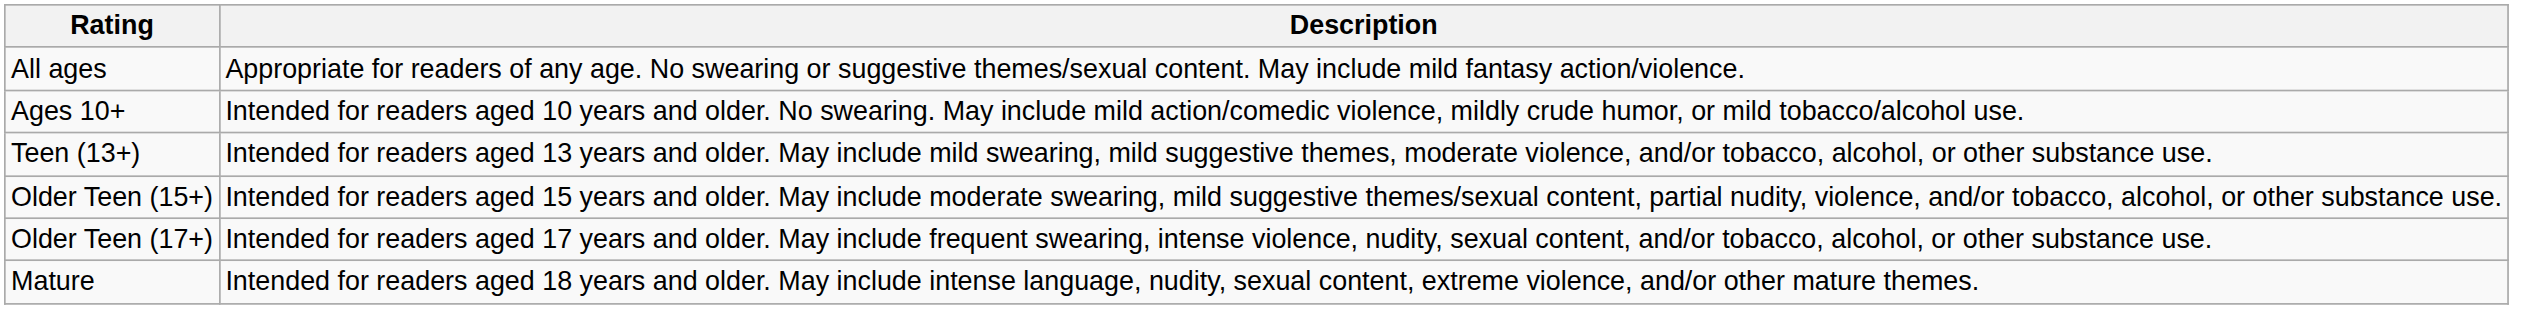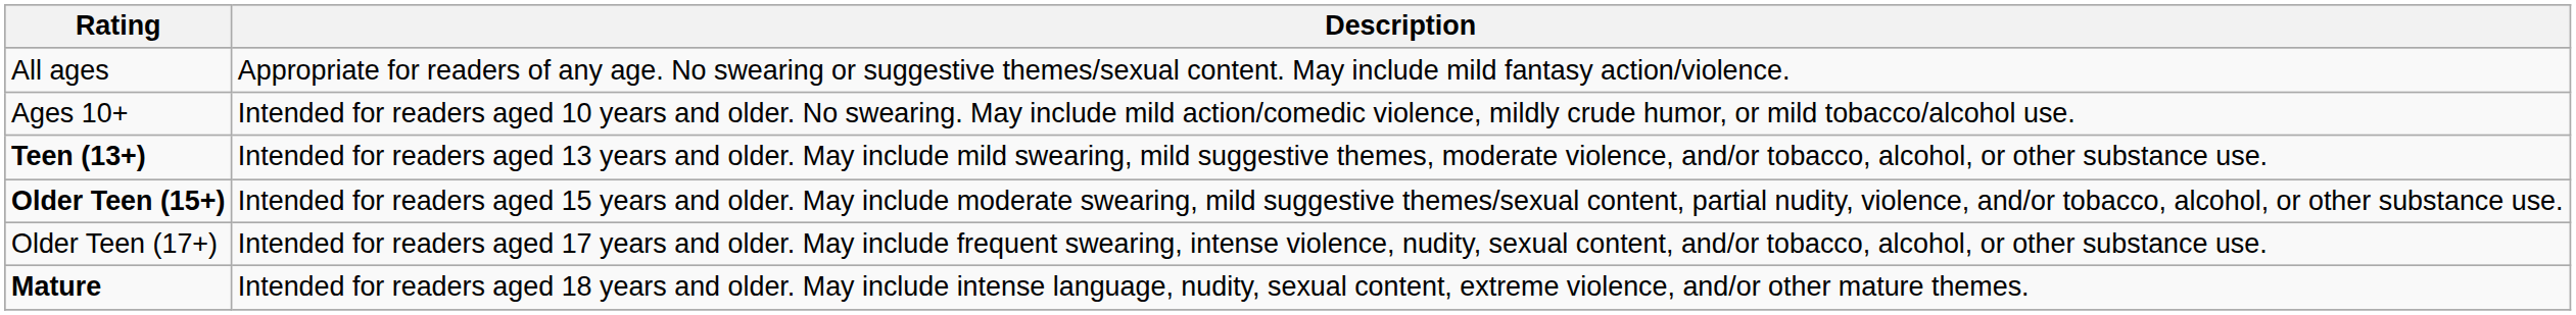 <table class="wikitable">
 <tr>
 <th>Rating</th>
 <th>Description</th>
 </tr>
 <tr>
 <td>All ages</td>
 <td>Appropriate for readers of any age. No swearing or suggestive themes/sexual content. May include mild fantasy action/violence.</td>
 </tr>
 <tr>
 <td>Ages 10+</td>
 <td>Intended for readers aged 10 years and older. No swearing. May include mild action/comedic violence, mildly crude humor, or mild tobacco/alcohol use.</td>
 </tr>
 <tr>
-<td>Teen (13+)</td>
+<td><strong>Teen (13+)</strong></td>
 <td>Intended for readers aged 13 years and older. May include mild swearing, mild suggestive themes, moderate violence, and/or tobacco, alcohol, or other substance use.</td>
 </tr>
 <tr>
-<td>Older Teen (15+)</td>
+<td><strong>Older Teen (15+)</strong></td>
 <td>Intended for readers aged 15 years and older. May include moderate swearing, mild suggestive themes/sexual content, partial nudity, violence, and/or tobacco, alcohol, or other substance use.</td>
 </tr>
 <tr>
 <td>Older Teen (17+)</td>
 <td>Intended for readers aged 17 years and older. May include frequent swearing, intense violence, nudity, sexual content, and/or tobacco, alcohol, or other substance use.</td>
 </tr>
 <tr>
-<td>Mature</td>
+<td><strong>Mature</strong></td>
 <td>Intended for readers aged 18 years and older. May include intense language, nudity, sexual content, extreme violence, and/or other mature themes.</td>
 </tr>
 </table>
